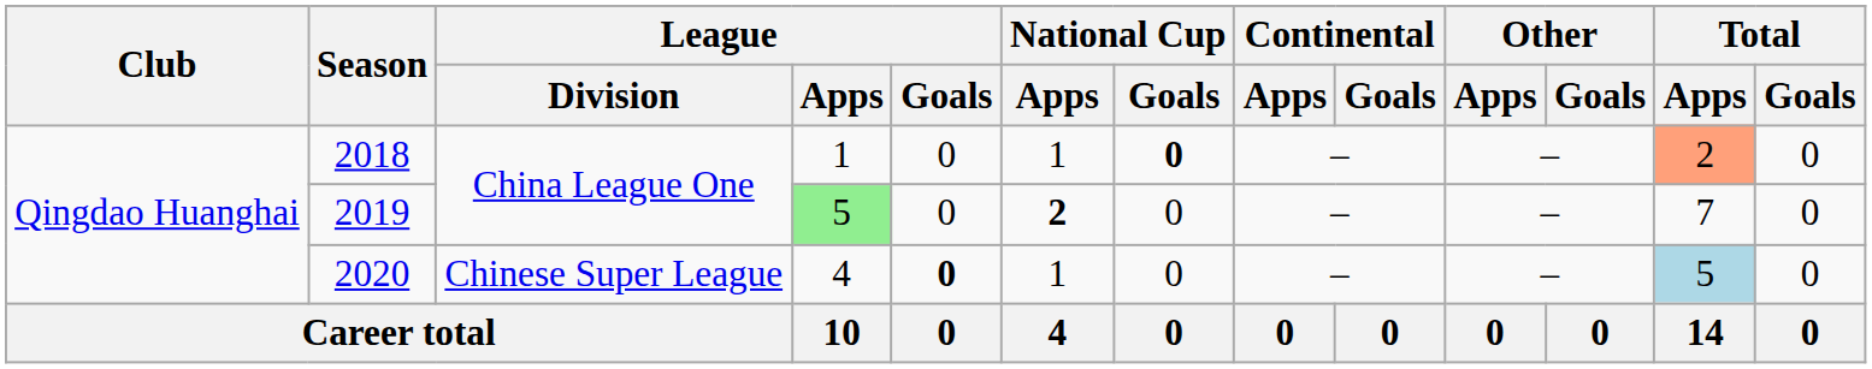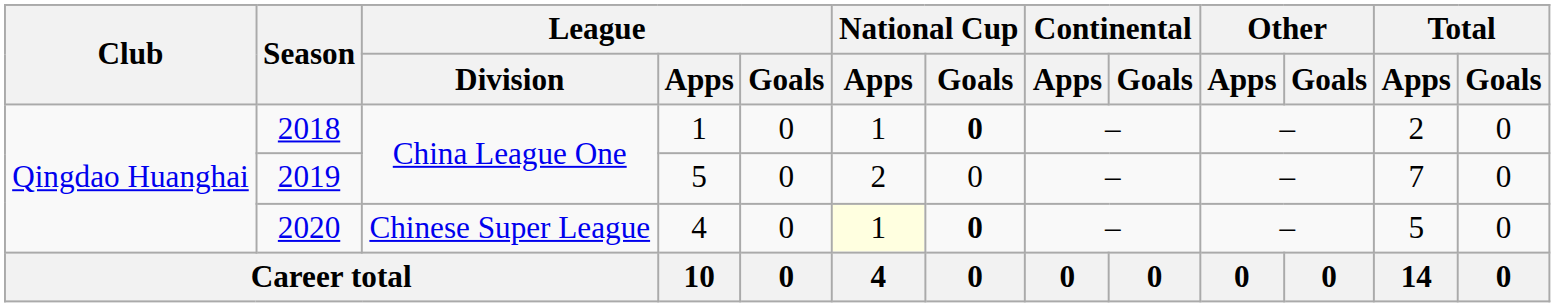 <table class="wikitable" style="text-align: center">
 <tr>
 <th rowspan="2">Club</th>
 <th rowspan="2">Season</th>
 <th colspan="3">League</th>
 <th colspan="2">National Cup</th>
 <th colspan="2">Continental</th>
 <th colspan="2">Other</th>
 <th colspan="2">Total</th>
 </tr>
 <tr>
 <th>Division</th>
 <th>Apps</th>
 <th>Goals</th>
 <th>Apps</th>
 <th>Goals</th>
 <th>Apps</th>
 <th>Goals</th>
 <th>Apps</th>
 <th>Goals</th>
 <th>Apps</th>
 <th>Goals</th>
 </tr>
 <tr>
 <td rowspan="3"><a href='#'>Qingdao Huanghai</a></td>
 <td><a href='#'>2018</a></td>
 <td rowspan="2"><a href='#'>China League One</a></td>
 <td>1</td>
 <td>0</td>
 <td>1</td>
 <td><strong>0</strong></td>
 <td colspan="2">–</td>
 <td colspan="2">–</td>
-<td style="background: lightsalmon;">2</td>
+<td>2</td>
 <td>0</td>
 </tr>
 <tr>
 <td><a href='#'>2019</a></td>
-<td style="background: lightgreen;">5</td>
+<td>5</td>
 <td>0</td>
-<td><strong>2</strong></td>
+<td>2</td>
 <td>0</td>
 <td colspan="2">–</td>
 <td colspan="2">–</td>
 <td>7</td>
 <td>0</td>
 </tr>
 <tr>
 <td><a href='#'>2020</a></td>
 <td><a href='#'>Chinese Super League</a></td>
 <td>4</td>
+<td>0</td>
+<td style="background: lightyellow;">1</td>
 <td><strong>0</strong></td>
-<td>1</td>
-<td>0</td>
 <td colspan="2">–</td>
 <td colspan="2">–</td>
-<td style="background: lightblue;">5</td>
+<td>5</td>
 <td>0</td>
 </tr>
 <tr>
 <th colspan=3>Career total</th>
 <th>10</th>
 <th>0</th>
 <th>4</th>
 <th>0</th>
 <th>0</th>
 <th>0</th>
 <th>0</th>
 <th>0</th>
 <th>14</th>
 <th>0</th>
 </tr>
 </table>
